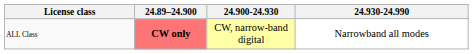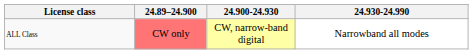 <table class="wikitable" style="font-size:70%">
 <tr>
 <th style="width: 150px;">License class</th>
 <th style="width:  80px;">24.89–24.900</th>
 <th style="width: 100px;">24.900-24.930</th>
 <th style="width: 200px;">24.930-24.990</th>
 </tr>
 <tr style="font-size:110%">
 <td style="font-size:70%">ALL Class</td>
-<td style="background-color: #FF7575; text-align:center;"><strong>CW only</strong></td>
+<td style="background-color: #FF7575; text-align:center;">CW only</td>
 <td style="background-color: #FFFFA5; text-align:center;">CW, narrow-band digital</td>
 <td style="background-color: #FFFFFF; text-align:center;">Narrowband all modes</td>
 </tr>
 </table>
